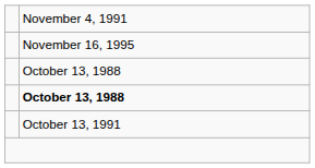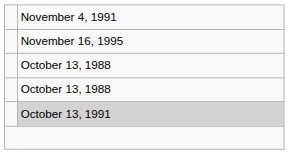 <table class="wikitable" style="font-size: 89%; float: left; width: 24em; margin-right: 1em; line-height: 1.6em !important;">
 <tr>
 <td></td>
 <td>November 4, 1991</td>
 </tr>
 <tr>
 <td></td>
 <td>November 16, 1995</td>
 </tr>
 <tr>
 <td></td>
 <td>October 13, 1988</td>
 </tr>
 <tr>
 <td></td>
-<td><strong>October 13, 1988</strong></td>
+<td>October 13, 1988</td>
 </tr>
 <tr>
 <td></td>
-<td>October 13, 1991</td>
+<td style="background: lightgrey;">October 13, 1991</td>
 </tr>
 <tr>
 <td colspan=2 style="font-size: smaller;"><br></td>
 </tr>
 </table>
